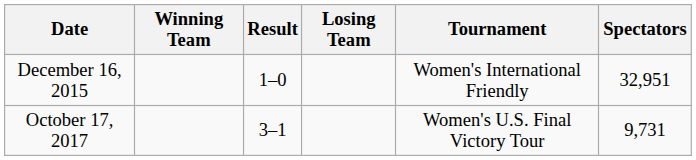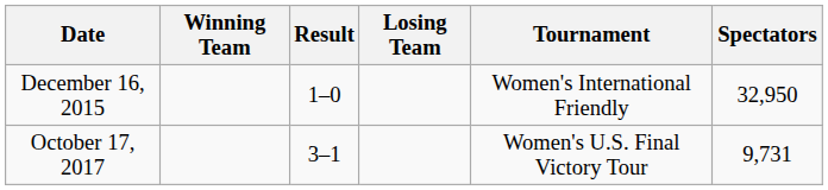 <table class="wikitable" style="text-align:left; width:95%;" style="text-align:center">
 <tr>
 <th style="text-align:center; ">Date</th>
 <th style="text-align:center; ">Winning Team</th>
 <th style="text-align:center; ">Result</th>
 <th style="text-align:center; ">Losing Team</th>
 <th style="text-align:center; ">Tournament</th>
 <th style="text-align:center; ">Spectators</th>
 </tr>
 <tr>
 <td style="text-align:center;">December 16, 2015</td>
 <td><strong></strong></td>
 <td style="text-align:center;">1–0</td>
 <td></td>
 <td style="text-align:center;">Women's International Friendly</td>
-<td style="text-align:center;">32,951</td>
+<td style="text-align:center;">32,950</td>
 </tr>
 <tr>
 <td style="text-align:center;">October 17, 2017</td>
 <td><strong></strong></td>
 <td style="text-align:center;">3–1</td>
 <td></td>
 <td style="text-align:center;">Women's U.S. Final Victory Tour</td>
 <td style="text-align:center;">9,731</td>
 </tr>
 </table>
